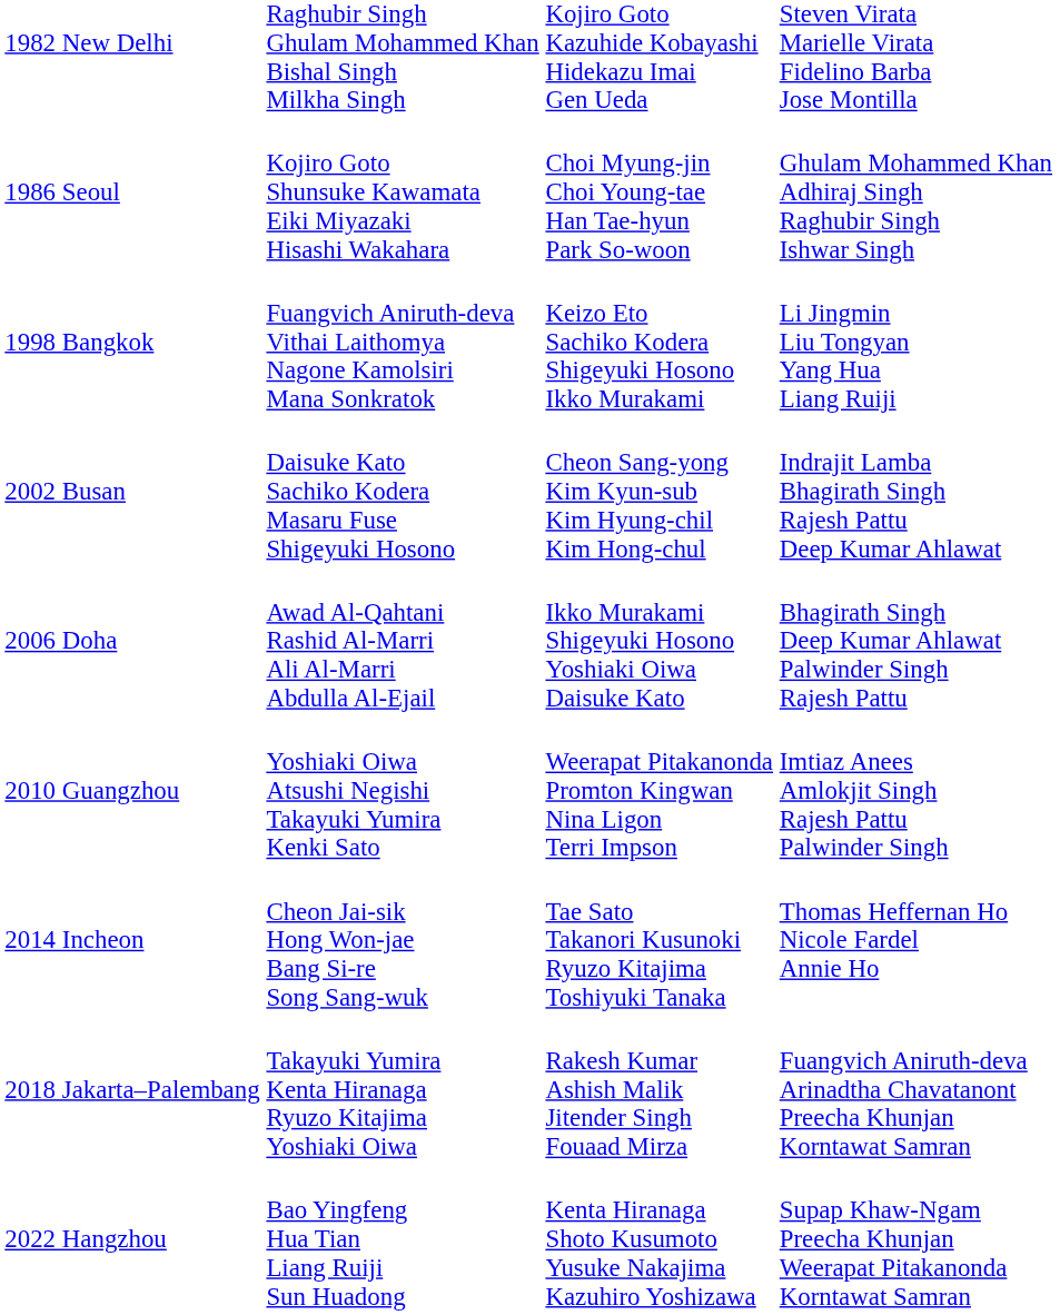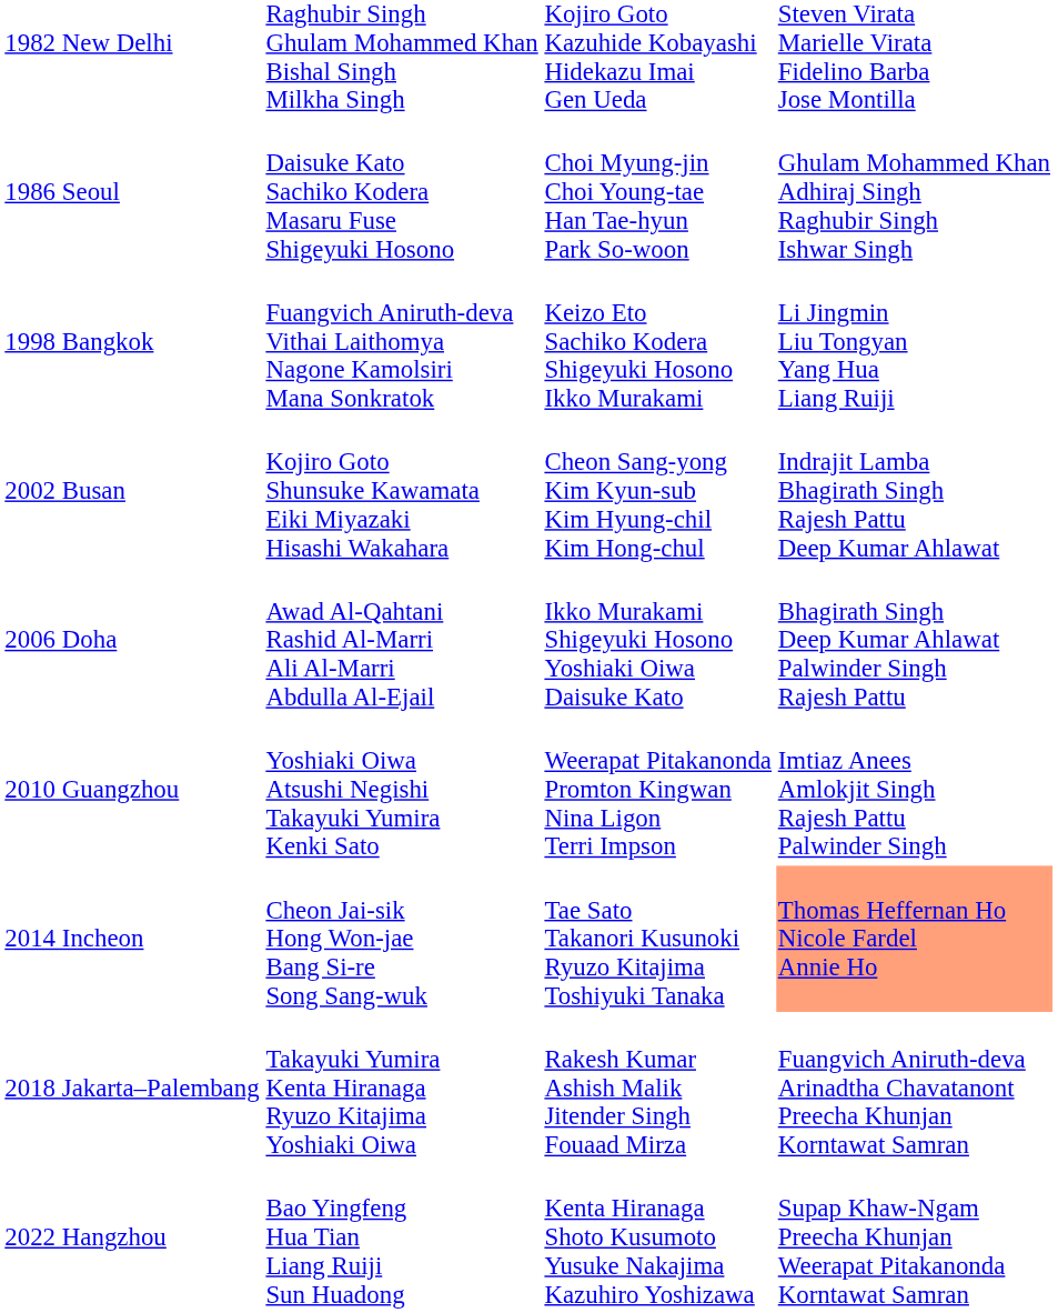 <table>
 <tr>
 <td><a href='#'>1982 New Delhi</a></td>
 <td><br><a href='#'>Raghubir Singh</a><br><a href='#'>Ghulam Mohammed Khan</a><br><a href='#'>Bishal Singh</a><br><a href='#'>Milkha Singh</a></td>
 <td><br><a href='#'>Kojiro Goto</a><br><a href='#'>Kazuhide Kobayashi</a><br><a href='#'>Hidekazu Imai</a><br><a href='#'>Gen Ueda</a></td>
 <td><br><a href='#'>Steven Virata</a><br><a href='#'>Marielle Virata</a><br><a href='#'>Fidelino Barba</a><br><a href='#'>Jose Montilla</a></td>
 </tr>
 <tr>
 <td><a href='#'>1986 Seoul</a></td>
-<td><br><a href='#'>Kojiro Goto</a><br><a href='#'>Shunsuke Kawamata</a><br><a href='#'>Eiki Miyazaki</a><br><a href='#'>Hisashi Wakahara</a></td>
+<td><br><a href='#'>Daisuke Kato</a><br><a href='#'>Sachiko Kodera</a><br><a href='#'>Masaru Fuse</a><br><a href='#'>Shigeyuki Hosono</a></td>
 <td><br><a href='#'>Choi Myung-jin</a><br><a href='#'>Choi Young-tae</a><br><a href='#'>Han Tae-hyun</a><br><a href='#'>Park So-woon</a></td>
 <td><br><a href='#'>Ghulam Mohammed Khan</a><br><a href='#'>Adhiraj Singh</a><br><a href='#'>Raghubir Singh</a><br><a href='#'>Ishwar Singh</a></td>
 </tr>
 <tr>
 <td><a href='#'>1998 Bangkok</a></td>
 <td><br><a href='#'>Fuangvich Aniruth-deva</a><br><a href='#'>Vithai Laithomya</a><br><a href='#'>Nagone Kamolsiri</a><br><a href='#'>Mana Sonkratok</a></td>
 <td><br><a href='#'>Keizo Eto</a><br><a href='#'>Sachiko Kodera</a><br><a href='#'>Shigeyuki Hosono</a><br><a href='#'>Ikko Murakami</a></td>
 <td><br><a href='#'>Li Jingmin</a><br><a href='#'>Liu Tongyan</a><br><a href='#'>Yang Hua</a><br><a href='#'>Liang Ruiji</a></td>
 </tr>
 <tr>
 <td><a href='#'>2002 Busan</a></td>
-<td><br><a href='#'>Daisuke Kato</a><br><a href='#'>Sachiko Kodera</a><br><a href='#'>Masaru Fuse</a><br><a href='#'>Shigeyuki Hosono</a></td>
+<td><br><a href='#'>Kojiro Goto</a><br><a href='#'>Shunsuke Kawamata</a><br><a href='#'>Eiki Miyazaki</a><br><a href='#'>Hisashi Wakahara</a></td>
 <td><br><a href='#'>Cheon Sang-yong</a><br><a href='#'>Kim Kyun-sub</a><br><a href='#'>Kim Hyung-chil</a><br><a href='#'>Kim Hong-chul</a></td>
 <td><br><a href='#'>Indrajit Lamba</a><br><a href='#'>Bhagirath Singh</a><br><a href='#'>Rajesh Pattu</a><br><a href='#'>Deep Kumar Ahlawat</a></td>
 </tr>
 <tr>
 <td><a href='#'>2006 Doha</a></td>
 <td><br><a href='#'>Awad Al-Qahtani</a><br><a href='#'>Rashid Al-Marri</a><br><a href='#'>Ali Al-Marri</a><br><a href='#'>Abdulla Al-Ejail</a></td>
 <td><br><a href='#'>Ikko Murakami</a><br><a href='#'>Shigeyuki Hosono</a><br><a href='#'>Yoshiaki Oiwa</a><br><a href='#'>Daisuke Kato</a></td>
 <td><br><a href='#'>Bhagirath Singh</a><br><a href='#'>Deep Kumar Ahlawat</a><br><a href='#'>Palwinder Singh</a><br><a href='#'>Rajesh Pattu</a></td>
 </tr>
 <tr>
 <td><a href='#'>2010 Guangzhou</a></td>
 <td><br><a href='#'>Yoshiaki Oiwa</a><br><a href='#'>Atsushi Negishi</a><br><a href='#'>Takayuki Yumira</a><br><a href='#'>Kenki Sato</a></td>
 <td><br><a href='#'>Weerapat Pitakanonda</a><br><a href='#'>Promton Kingwan</a><br><a href='#'>Nina Ligon</a><br><a href='#'>Terri Impson</a></td>
 <td><br><a href='#'>Imtiaz Anees</a><br><a href='#'>Amlokjit Singh</a><br><a href='#'>Rajesh Pattu</a><br><a href='#'>Palwinder Singh</a></td>
 </tr>
 <tr>
 <td><a href='#'>2014 Incheon</a></td>
 <td><br><a href='#'>Cheon Jai-sik</a><br><a href='#'>Hong Won-jae</a><br><a href='#'>Bang Si-re</a><br><a href='#'>Song Sang-wuk</a></td>
 <td><br><a href='#'>Tae Sato</a><br><a href='#'>Takanori Kusunoki</a><br><a href='#'>Ryuzo Kitajima</a><br><a href='#'>Toshiyuki Tanaka</a></td>
-<td valign=top><br><a href='#'>Thomas Heffernan Ho</a><br><a href='#'>Nicole Fardel</a><br><a href='#'>Annie Ho</a></td>
+<td valign=top style="background: lightsalmon;"><br><a href='#'>Thomas Heffernan Ho</a><br><a href='#'>Nicole Fardel</a><br><a href='#'>Annie Ho</a></td>
 </tr>
 <tr>
 <td><a href='#'>2018 Jakarta–Palembang</a></td>
 <td><br><a href='#'>Takayuki Yumira</a><br><a href='#'>Kenta Hiranaga</a><br><a href='#'>Ryuzo Kitajima</a><br><a href='#'>Yoshiaki Oiwa</a></td>
 <td><br><a href='#'>Rakesh Kumar</a><br><a href='#'>Ashish Malik</a><br><a href='#'>Jitender Singh</a><br><a href='#'>Fouaad Mirza</a></td>
 <td><br><a href='#'>Fuangvich Aniruth-deva</a><br><a href='#'>Arinadtha Chavatanont</a><br><a href='#'>Preecha Khunjan</a><br><a href='#'>Korntawat Samran</a></td>
 </tr>
 <tr>
 <td><a href='#'>2022 Hangzhou</a></td>
 <td><br><a href='#'>Bao Yingfeng</a><br><a href='#'>Hua Tian</a><br><a href='#'>Liang Ruiji</a><br><a href='#'>Sun Huadong</a></td>
 <td><br><a href='#'>Kenta Hiranaga</a><br><a href='#'>Shoto Kusumoto</a><br><a href='#'>Yusuke Nakajima</a><br><a href='#'>Kazuhiro Yoshizawa</a></td>
 <td><br><a href='#'>Supap Khaw-Ngam</a><br><a href='#'>Preecha Khunjan</a><br><a href='#'>Weerapat Pitakanonda</a><br><a href='#'>Korntawat Samran</a></td>
 </tr>
 </table>
